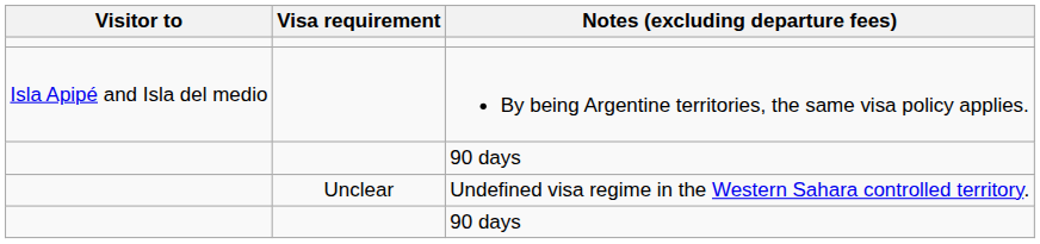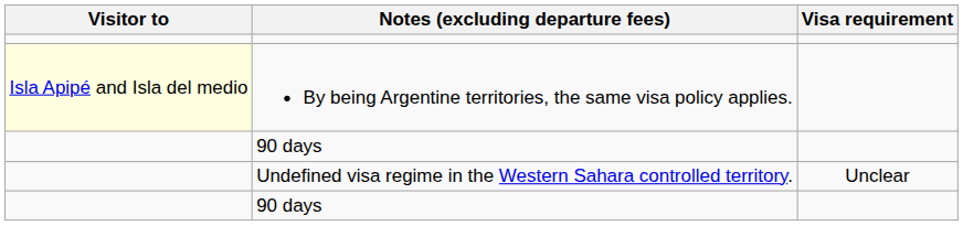 <table class="wikitable">
 <tr>
 <th>Visitor to</th>
+<th>Notes (excluding departure fees)</th>
 <th>Visa requirement</th>
-<th>Notes (excluding departure fees)</th>
 </tr>
 <tr>
 <td></td>
 <td></td>
 <td></td>
 </tr>
 <tr>
-<td> <a href='#'>Isla Apipé</a> and Isla del medio</td>
+<td style="background: lightyellow;"> <a href='#'>Isla Apipé</a> and Isla del medio</td>
+<td><br><ul><li>By being Argentine territories, the same visa policy applies.</li></ul></td>
 <td></td>
-<td><br><ul><li>By being Argentine territories, the same visa policy applies.</li></ul></td>
 </tr>
 <tr>
 <td></td>
+<td>90 days</td>
 <td></td>
-<td>90 days</td>
 </tr>
 <tr>
 <td></td>
+<td>Undefined visa regime in the <a href='#'>Western Sahara controlled territory</a>.</td>
 <td align=center>Unclear</td>
-<td>Undefined visa regime in the <a href='#'>Western Sahara controlled territory</a>.</td>
 </tr>
 <tr>
 <td></td>
+<td>90 days</td>
 <td></td>
-<td>90 days</td>
 </tr>
 </table>
